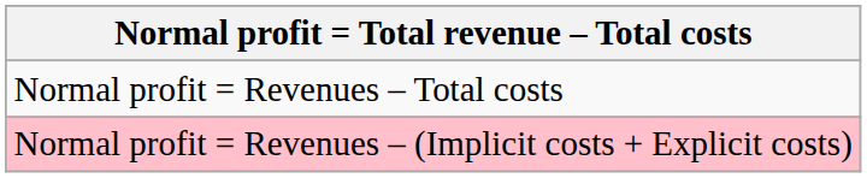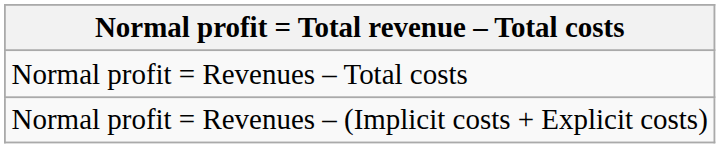 <table class="wikitable">
 <tr>
 <th>Normal profit = Total revenue – Total costs</th>
 </tr>
 <tr>
 <td>Normal profit = Revenues – Total costs</td>
 </tr>
 <tr>
-<td style="background: pink;">Normal profit = Revenues – (Implicit costs + Explicit costs)</td>
+<td>Normal profit = Revenues – (Implicit costs + Explicit costs)</td>
 </tr>
 </table>
